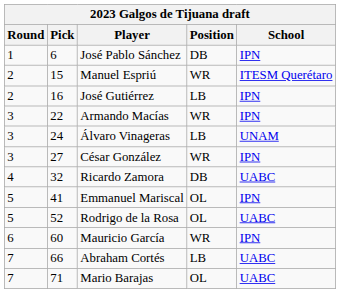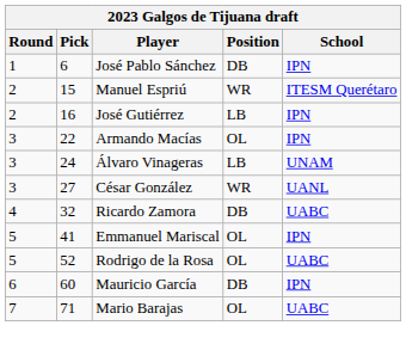 <table class="wikitable" style="text-align:left">
 <tr>
 <th colspan=5>2023 Galgos de Tijuana draft</th>
 </tr>
 <tr>
 <th>Round</th>
 <th>Pick</th>
 <th>Player</th>
 <th>Position</th>
 <th>School</th>
 </tr>
 <tr>
 <td>1</td>
 <td>6</td>
 <td>José Pablo Sánchez</td>
 <td>DB</td>
 <td><a href='#'>IPN</a></td>
 </tr>
 <tr>
 <td>2</td>
 <td>15</td>
 <td>Manuel Espriú</td>
 <td>WR</td>
 <td><a href='#'>ITESM Querétaro</a></td>
 </tr>
 <tr>
 <td>2</td>
 <td>16</td>
 <td>José Gutiérrez</td>
 <td>LB</td>
 <td><a href='#'>IPN</a></td>
 </tr>
 <tr>
 <td>3</td>
 <td>22</td>
 <td>Armando Macías</td>
-<td>WR</td>
+<td>OL</td>
 <td><a href='#'>IPN</a></td>
 </tr>
 <tr>
 <td>3</td>
 <td>24</td>
 <td>Álvaro Vinageras</td>
 <td>LB</td>
 <td><a href='#'>UNAM</a></td>
 </tr>
 <tr>
 <td>3</td>
 <td>27</td>
 <td>César González</td>
 <td>WR</td>
-<td><a href='#'>IPN</a></td>
+<td><a href='#'>UANL</a></td>
 </tr>
 <tr>
 <td>4</td>
 <td>32</td>
 <td>Ricardo Zamora</td>
 <td>DB</td>
 <td><a href='#'>UABC</a></td>
 </tr>
 <tr>
 <td>5</td>
 <td>41</td>
 <td>Emmanuel Mariscal</td>
 <td>OL</td>
 <td><a href='#'>IPN</a></td>
 </tr>
 <tr>
 <td>5</td>
 <td>52</td>
 <td>Rodrigo de la Rosa</td>
 <td>OL</td>
 <td><a href='#'>UABC</a></td>
 </tr>
 <tr>
 <td>6</td>
 <td>60</td>
 <td>Mauricio García</td>
-<td>WR</td>
+<td>DB</td>
 <td><a href='#'>IPN</a></td>
-</tr>
-<tr>
-<td>7</td>
-<td>66</td>
-<td>Abraham Cortés</td>
-<td>LB</td>
-<td><a href='#'>UABC</a></td>
 </tr>
 <tr>
 <td>7</td>
 <td>71</td>
 <td>Mario Barajas</td>
 <td>OL</td>
 <td><a href='#'>UABC</a></td>
 </tr>
 </table>
